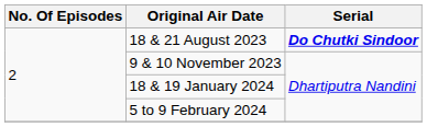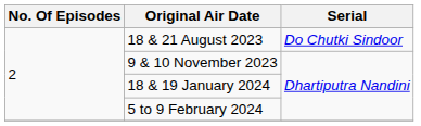 <table class="wikitable sortable">
 <tr>
 <th>No. Of Episodes</th>
 <th>Original Air Date</th>
 <th>Serial</th>
 </tr>
 <tr>
 <td rowspan="4">2</td>
 <td>18 & 21 August 2023</td>
-<td><strong><em><a href='#'>Do Chutki Sindoor</a></em></strong></td>
+<td><em><a href='#'>Do Chutki Sindoor</a></em></td>
 </tr>
 <tr>
 <td>9 & 10 November 2023</td>
 <td rowspan="3"><em><a href='#'>Dhartiputra Nandini</a></em></td>
 </tr>
 <tr>
 <td>18 & 19 January 2024</td>
 </tr>
 <tr>
 <td>5 to 9 February 2024</td>
 </tr>
 <tr>
 </tr>
 </table>
